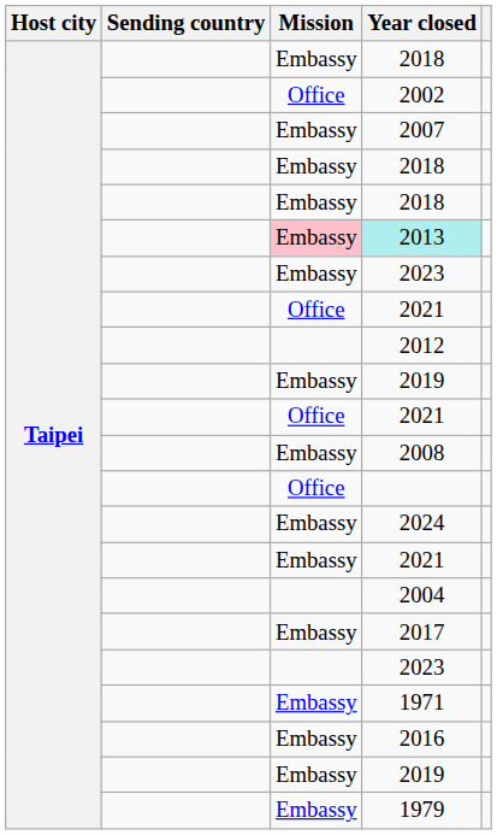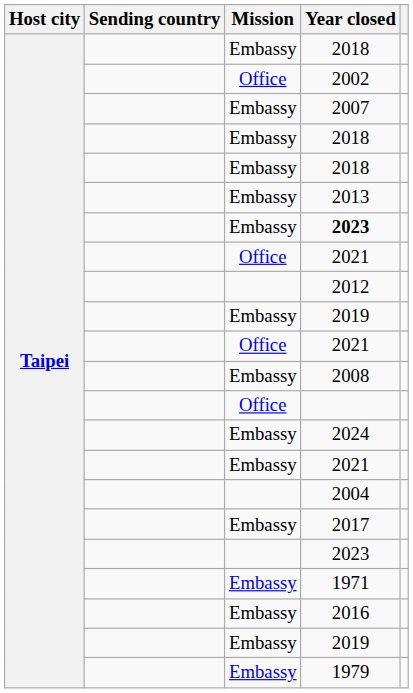 <table class="wikitable plainrowheaders">
 <tr>
 <th scope="col">Host city</th>
 <th scope="col">Sending country</th>
 <th scope="col">Mission</th>
 <th scope="col">Year closed</th>
 <th scope="col"></th>
 </tr>
 <tr>
 <th rowspan="22"><a href='#'>Taipei</a></th>
 <td></td>
 <td style="text-align:center;">Embassy</td>
 <td style="text-align:center;">2018</td>
 <td style="text-align:center;"></td>
 </tr>
 <tr>
 <td></td>
 <td style="text-align:center;"><a href='#'>Office</a></td>
 <td style="text-align:center;">2002</td>
 <td style="text-align:center;"></td>
 </tr>
 <tr>
 <td></td>
 <td style="text-align:center;">Embassy</td>
 <td style="text-align:center;">2007</td>
 <td style="text-align:center;"></td>
 </tr>
 <tr>
 <td></td>
 <td style="text-align:center;">Embassy</td>
 <td style="text-align:center;">2018</td>
 <td style="text-align:center;"></td>
 </tr>
 <tr>
 <td></td>
 <td style="text-align:center;">Embassy</td>
 <td style="text-align:center;">2018</td>
 <td style="text-align:center;"></td>
 </tr>
 <tr>
 <td></td>
-<td style="background: pink; text-align:center;">Embassy</td>
-<td style="background: paleturquoise; text-align:center;">2013</td>
+<td style="text-align:center;">Embassy</td>
+<td style="text-align:center;">2013</td>
 <td style="text-align:center;"></td>
 </tr>
 <tr>
 <td></td>
 <td style="text-align:center;">Embassy</td>
-<td style="text-align:center;">2023</td>
+<td style="text-align:center;"><strong>2023</strong></td>
 <td style="text-align:center;"></td>
 </tr>
 <tr>
 <td></td>
 <td style="text-align:center;"><a href='#'>Office</a></td>
 <td style="text-align:center;">2021</td>
 <td style="text-align:center;"></td>
 </tr>
 <tr>
 <td></td>
 <td style="text-align:center;"></td>
 <td style="text-align:center;">2012</td>
 <td style="text-align:center;"></td>
 </tr>
 <tr>
 <td></td>
 <td style="text-align:center;">Embassy</td>
 <td style="text-align:center;">2019</td>
 <td style="text-align:center;"></td>
 </tr>
 <tr>
 <td></td>
 <td style="text-align:center;"><a href='#'>Office</a></td>
 <td style="text-align:center;">2021</td>
 <td style="text-align:center;"></td>
 </tr>
 <tr>
 <td></td>
 <td style="text-align:center;">Embassy</td>
 <td style="text-align:center;">2008</td>
 <td style="text-align:center;"></td>
 </tr>
 <tr>
 <td></td>
 <td style="text-align:center;"><a href='#'>Office</a></td>
 <td style="text-align:center;"></td>
 <td style="text-align:center;"></td>
 </tr>
 <tr>
 <td></td>
 <td style="text-align:center;">Embassy</td>
 <td style="text-align:center;">2024</td>
 <td style="text-align:center;"></td>
 </tr>
 <tr>
 <td></td>
 <td style="text-align:center;">Embassy</td>
 <td style="text-align:center;">2021</td>
 <td style="text-align:center;"></td>
 </tr>
 <tr>
 <td></td>
 <td style="text-align:center;"></td>
 <td style="text-align:center;">2004</td>
 <td style="text-align:center;"></td>
 </tr>
 <tr>
 <td></td>
 <td style="text-align:center;">Embassy</td>
 <td style="text-align:center;">2017</td>
 <td style="text-align:center;"></td>
 </tr>
 <tr>
 <td></td>
 <td style="text-align:center;"></td>
 <td style="text-align:center;">2023</td>
 <td style="text-align:center;"></td>
 </tr>
 <tr>
 <td></td>
 <td style="text-align:center;"><a href='#'>Embassy</a></td>
 <td style="text-align:center;">1971</td>
 <td style="text-align:center;"></td>
 </tr>
 <tr>
 <td></td>
 <td style="text-align:center;">Embassy</td>
 <td style="text-align:center;">2016</td>
 <td style="text-align:center;"></td>
 </tr>
 <tr>
 <td></td>
 <td style="text-align:center;">Embassy</td>
 <td style="text-align:center;">2019</td>
 <td style="text-align:center;"></td>
 </tr>
 <tr>
 <td></td>
 <td style="text-align:center;"><a href='#'>Embassy</a></td>
 <td style="text-align:center;">1979</td>
 <td style="text-align:center;"></td>
 </tr>
 </table>
